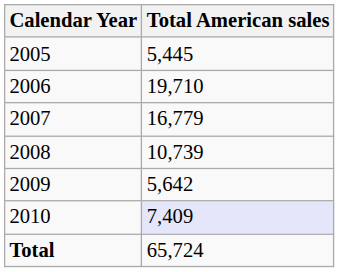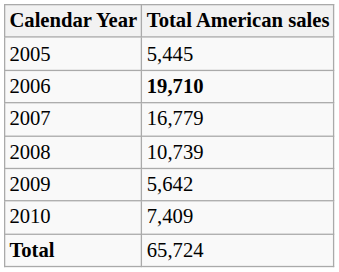 <table class="wikitable">
 <tr>
 <th>Calendar Year</th>
 <th>Total American sales</th>
 </tr>
 <tr>
 <td>2005</td>
 <td>5,445</td>
 </tr>
 <tr>
 <td>2006</td>
-<td>19,710</td>
+<td><strong>19,710</strong></td>
 </tr>
 <tr>
 <td>2007</td>
 <td>16,779</td>
 </tr>
 <tr>
 <td>2008</td>
 <td>10,739</td>
 </tr>
 <tr>
 <td>2009</td>
 <td>5,642</td>
 </tr>
 <tr>
 <td>2010</td>
-<td style="background: lavender;">7,409</td>
+<td>7,409</td>
 </tr>
 <tr>
 <td><strong>Total</strong></td>
 <td>65,724</td>
 </tr>
 </table>
